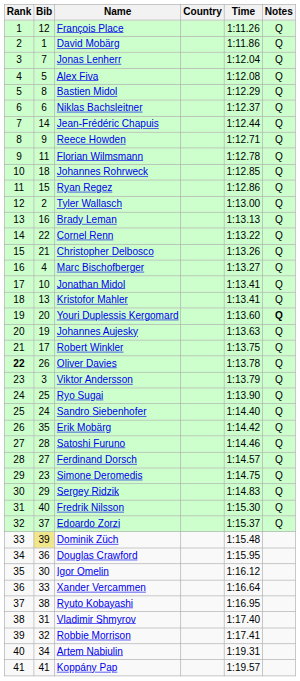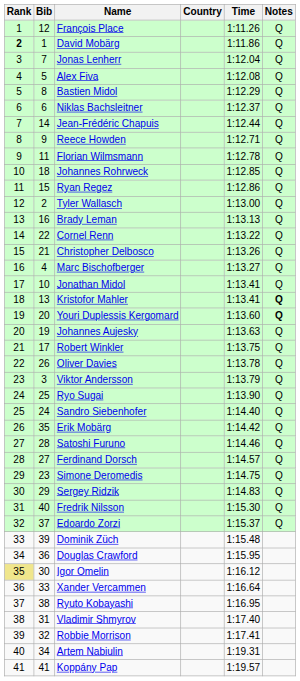 <table class="wikitable sortable" style="text-align:center">
 <tr>
 <th>Rank</th>
 <th>Bib</th>
 <th>Name</th>
 <th>Country</th>
 <th>Time</th>
 <th>Notes</th>
 </tr>
 <tr bgcolor=ccffcc>
 <td>1</td>
 <td>12</td>
 <td align=left><a href='#'>François Place</a></td>
 <td align=left></td>
 <td>1:11.26</td>
 <td>Q</td>
 </tr>
 <tr bgcolor=ccffcc>
-<td>2</td>
+<td><strong>2</strong></td>
 <td>1</td>
 <td align=left><a href='#'>David Mobärg</a></td>
 <td align=left></td>
 <td>1:11.86</td>
 <td>Q</td>
 </tr>
 <tr bgcolor=ccffcc>
 <td>3</td>
 <td>7</td>
 <td align=left><a href='#'>Jonas Lenherr</a></td>
 <td align=left></td>
 <td>1:12.04</td>
 <td>Q</td>
 </tr>
 <tr bgcolor=ccffcc>
 <td>4</td>
 <td>5</td>
 <td align=left><a href='#'>Alex Fiva</a></td>
 <td align=left></td>
 <td>1:12.08</td>
 <td>Q</td>
 </tr>
 <tr bgcolor=ccffcc>
 <td>5</td>
 <td>8</td>
 <td align=left><a href='#'>Bastien Midol</a></td>
 <td align=left></td>
 <td>1:12.29</td>
 <td>Q</td>
 </tr>
 <tr bgcolor=ccffcc>
 <td>6</td>
 <td>6</td>
 <td align=left><a href='#'>Niklas Bachsleitner</a></td>
 <td align=left></td>
 <td>1:12.37</td>
 <td>Q</td>
 </tr>
 <tr bgcolor=ccffcc>
 <td>7</td>
 <td>14</td>
 <td align=left><a href='#'>Jean-Frédéric Chapuis</a></td>
 <td align=left></td>
 <td>1:12.44</td>
 <td>Q</td>
 </tr>
 <tr bgcolor=ccffcc>
 <td>8</td>
 <td>9</td>
 <td align=left><a href='#'>Reece Howden</a></td>
 <td align=left></td>
 <td>1:12.71</td>
 <td>Q</td>
 </tr>
 <tr bgcolor=ccffcc>
 <td>9</td>
 <td>11</td>
 <td align=left><a href='#'>Florian Wilmsmann</a></td>
 <td align=left></td>
 <td>1:12.78</td>
 <td>Q</td>
 </tr>
 <tr bgcolor=ccffcc>
 <td>10</td>
 <td>18</td>
 <td align=left><a href='#'>Johannes Rohrweck</a></td>
 <td align=left></td>
 <td>1:12.85</td>
 <td>Q</td>
 </tr>
 <tr bgcolor=ccffcc>
 <td>11</td>
 <td>15</td>
 <td align=left><a href='#'>Ryan Regez</a></td>
 <td align=left></td>
 <td>1:12.86</td>
 <td>Q</td>
 </tr>
 <tr bgcolor=ccffcc>
 <td>12</td>
 <td>2</td>
 <td align=left><a href='#'>Tyler Wallasch</a></td>
 <td align=left></td>
 <td>1:13.00</td>
 <td>Q</td>
 </tr>
 <tr bgcolor=ccffcc>
 <td>13</td>
 <td>16</td>
 <td align=left><a href='#'>Brady Leman</a></td>
 <td align=left></td>
 <td>1:13.13</td>
 <td>Q</td>
 </tr>
 <tr bgcolor=ccffcc>
 <td>14</td>
 <td>22</td>
 <td align=left><a href='#'>Cornel Renn</a></td>
 <td align=left></td>
 <td>1:13.22</td>
 <td>Q</td>
 </tr>
 <tr bgcolor=ccffcc>
 <td>15</td>
 <td>21</td>
 <td align=left><a href='#'>Christopher Delbosco</a></td>
 <td align=left></td>
 <td>1:13.26</td>
 <td>Q</td>
 </tr>
 <tr bgcolor=ccffcc>
 <td>16</td>
 <td>4</td>
 <td align=left><a href='#'>Marc Bischofberger</a></td>
 <td align=left></td>
 <td>1:13.27</td>
 <td>Q</td>
 </tr>
 <tr bgcolor=ccffcc>
 <td>17</td>
 <td>10</td>
 <td align=left><a href='#'>Jonathan Midol</a></td>
 <td align=left></td>
 <td>1:13.41</td>
 <td>Q</td>
 </tr>
 <tr bgcolor=ccffcc>
 <td>18</td>
 <td>13</td>
 <td align=left><a href='#'>Kristofor Mahler</a></td>
 <td align=left></td>
 <td>1:13.41</td>
-<td>Q</td>
+<td><strong>Q</strong></td>
 </tr>
 <tr bgcolor=ccffcc>
 <td>19</td>
 <td>20</td>
 <td align=left><a href='#'>Youri Duplessis Kergomard</a></td>
 <td align=left></td>
 <td>1:13.60</td>
 <td><strong>Q</strong></td>
 </tr>
 <tr bgcolor=ccffcc>
 <td>20</td>
 <td>19</td>
 <td align=left><a href='#'>Johannes Aujesky</a></td>
 <td align=left></td>
 <td>1:13.63</td>
 <td>Q</td>
 </tr>
 <tr bgcolor=ccffcc>
 <td>21</td>
 <td>17</td>
 <td align=left><a href='#'>Robert Winkler</a></td>
 <td align=left></td>
 <td>1:13.75</td>
 <td>Q</td>
 </tr>
 <tr bgcolor=ccffcc>
-<td><strong>22</strong></td>
+<td>22</td>
 <td>26</td>
 <td align=left><a href='#'>Oliver Davies</a></td>
 <td align=left></td>
 <td>1:13.78</td>
 <td>Q</td>
 </tr>
 <tr bgcolor=ccffcc>
 <td>23</td>
 <td>3</td>
 <td align=left><a href='#'>Viktor Andersson</a></td>
 <td align=left></td>
 <td>1:13.79</td>
 <td>Q</td>
 </tr>
 <tr bgcolor=ccffcc>
 <td>24</td>
 <td>25</td>
 <td align=left><a href='#'>Ryo Sugai</a></td>
 <td align=left></td>
 <td>1:13.90</td>
 <td>Q</td>
 </tr>
 <tr bgcolor=ccffcc>
 <td>25</td>
 <td>24</td>
 <td align=left><a href='#'>Sandro Siebenhofer</a></td>
 <td align=left></td>
 <td>1:14.40</td>
 <td>Q</td>
 </tr>
 <tr bgcolor=ccffcc>
 <td>26</td>
 <td>35</td>
 <td align=left><a href='#'>Erik Mobärg</a></td>
 <td align=left></td>
 <td>1:14.42</td>
 <td>Q</td>
 </tr>
 <tr bgcolor=ccffcc>
 <td>27</td>
 <td>28</td>
 <td align=left><a href='#'>Satoshi Furuno</a></td>
 <td align=left></td>
 <td>1:14.46</td>
 <td>Q</td>
 </tr>
 <tr bgcolor=ccffcc>
 <td>28</td>
 <td>27</td>
 <td align=left><a href='#'>Ferdinand Dorsch</a></td>
 <td align=left></td>
 <td>1:14.57</td>
 <td>Q</td>
 </tr>
 <tr bgcolor=ccffcc>
 <td>29</td>
 <td>23</td>
 <td align=left><a href='#'>Simone Deromedis</a></td>
 <td align=left></td>
 <td>1:14.75</td>
 <td>Q</td>
 </tr>
 <tr bgcolor=ccffcc>
 <td>30</td>
 <td>29</td>
 <td align=left><a href='#'>Sergey Ridzik</a></td>
 <td align=left></td>
 <td>1:14.83</td>
 <td>Q</td>
 </tr>
 <tr bgcolor=ccffcc>
 <td>31</td>
 <td>40</td>
 <td align=left><a href='#'>Fredrik Nilsson</a></td>
 <td align=left></td>
 <td>1:15.30</td>
 <td>Q</td>
 </tr>
 <tr bgcolor=ccffcc>
 <td>32</td>
 <td>37</td>
 <td align=left><a href='#'>Edoardo Zorzi</a></td>
 <td align=left></td>
 <td>1:15.37</td>
 <td>Q</td>
 </tr>
 <tr>
 <td>33</td>
-<td style="background: khaki;">39</td>
+<td>39</td>
 <td align=left><a href='#'>Dominik Züch</a></td>
 <td align=left></td>
 <td>1:15.48</td>
 <td></td>
 </tr>
 <tr>
 <td>34</td>
 <td>36</td>
 <td align=left><a href='#'>Douglas Crawford</a></td>
 <td align=left></td>
 <td>1:15.95</td>
 <td></td>
 </tr>
 <tr>
-<td>35</td>
+<td style="background: khaki;">35</td>
 <td>30</td>
 <td align=left><a href='#'>Igor Omelin</a></td>
 <td align=left></td>
 <td>1:16.12</td>
 <td></td>
 </tr>
 <tr>
 <td>36</td>
 <td>33</td>
 <td align=left><a href='#'>Xander Vercammen</a></td>
 <td align=left></td>
 <td>1:16.64</td>
 <td></td>
 </tr>
 <tr>
 <td>37</td>
 <td>38</td>
 <td align=left><a href='#'>Ryuto Kobayashi</a></td>
 <td align=left></td>
 <td>1:16.95</td>
 <td></td>
 </tr>
 <tr>
 <td>38</td>
 <td>31</td>
 <td align=left><a href='#'>Vladimir Shmyrov</a></td>
 <td align=left></td>
 <td>1:17.40</td>
 <td></td>
 </tr>
 <tr>
 <td>39</td>
 <td>32</td>
 <td align=left><a href='#'>Robbie Morrison</a></td>
 <td align=left></td>
 <td>1:17.41</td>
 <td></td>
 </tr>
 <tr>
 <td>40</td>
 <td>34</td>
 <td align=left><a href='#'>Artem Nabiulin</a></td>
 <td align=left></td>
 <td>1:19.31</td>
 <td></td>
 </tr>
 <tr>
 <td>41</td>
 <td>41</td>
 <td align=left><a href='#'>Koppány Pap</a></td>
 <td align=left></td>
 <td>1:19.57</td>
 <td></td>
 </tr>
 </table>
